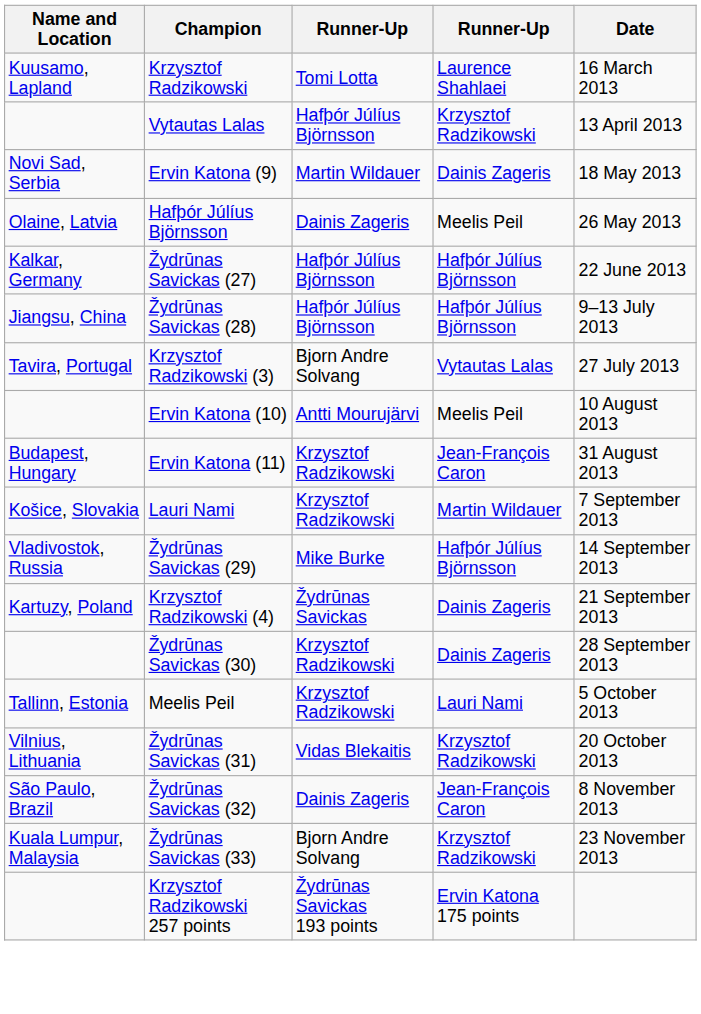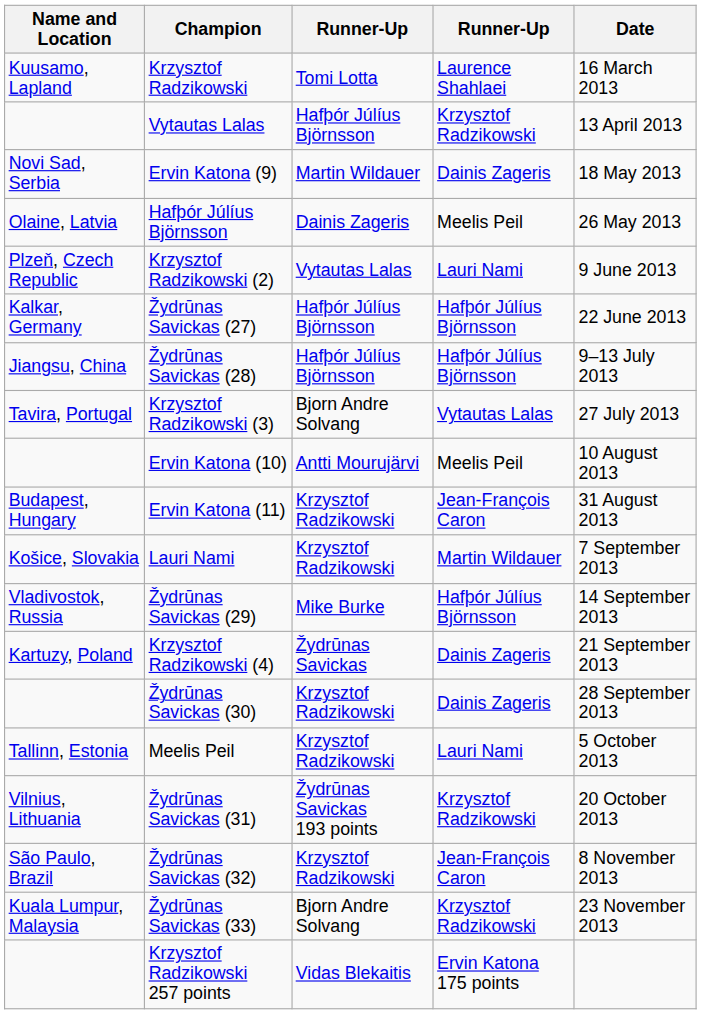 <table class="wikitable" style="display: inline-table;width: 100%;">
 <tr>
 <th scope="col">Name and Location</th>
 <th scope="col">Champion</th>
 <th scope="col">Runner-Up</th>
 <th scope="col">Runner-Up</th>
 <th scope="col">Date</th>
 </tr>
 <tr>
 <td> <a href='#'>Kuusamo</a>, <a href='#'>Lapland</a><br> </td>
 <td> <a href='#'>Krzysztof Radzikowski</a></td>
 <td> <a href='#'>Tomi Lotta</a></td>
 <td> <a href='#'>Laurence Shahlaei</a></td>
 <td>16 March 2013</td>
 </tr>
 <tr>
 <td> <br></td>
 <td> <a href='#'>Vytautas Lalas</a></td>
 <td> <a href='#'>Hafþór Júlíus Björnsson</a></td>
 <td> <a href='#'>Krzysztof Radzikowski</a></td>
 <td>13 April 2013</td>
 </tr>
 <tr>
 <td> <a href='#'>Novi Sad</a>, <a href='#'>Serbia</a><br> </td>
 <td> <a href='#'>Ervin Katona</a> (9)</td>
 <td> <a href='#'>Martin Wildauer</a></td>
 <td> <a href='#'>Dainis Zageris</a></td>
 <td>18 May 2013</td>
 </tr>
 <tr>
 <td> <a href='#'>Olaine</a>, <a href='#'>Latvia</a><br> </td>
 <td> <a href='#'>Hafþór Júlíus Björnsson</a></td>
 <td> <a href='#'>Dainis Zageris</a></td>
 <td> Meelis Peil</td>
 <td>26 May 2013</td>
+</tr>
+<tr>
+<td> <a href='#'>Plzeň</a>, <a href='#'>Czech Republic</a><br> </td>
+<td> <a href='#'>Krzysztof Radzikowski</a> (2)</td>
+<td> <a href='#'>Vytautas Lalas</a></td>
+<td> <a href='#'>Lauri Nami</a></td>
+<td>9 June 2013</td>
 </tr>
 <tr>
 <td> <a href='#'>Kalkar</a>, <a href='#'>Germany</a><br></td>
 <td> <a href='#'>Žydrūnas Savickas</a> (27)</td>
 <td> <a href='#'>Hafþór Júlíus Björnsson</a></td>
 <td> <a href='#'>Hafþór Júlíus Björnsson</a></td>
 <td>22 June 2013</td>
 </tr>
 <tr>
 <td> <a href='#'>Jiangsu</a>, <a href='#'>China</a><br></td>
 <td> <a href='#'>Žydrūnas Savickas</a> (28)</td>
 <td> <a href='#'>Hafþór Júlíus Björnsson</a></td>
 <td> <a href='#'>Hafþór Júlíus Björnsson</a></td>
 <td>9–13 July 2013</td>
 </tr>
 <tr>
 <td> <a href='#'>Tavira</a>, <a href='#'>Portugal</a><br> </td>
 <td> <a href='#'>Krzysztof Radzikowski</a> (3)</td>
 <td> Bjorn Andre Solvang</td>
 <td> <a href='#'>Vytautas Lalas</a></td>
 <td>27 July 2013</td>
 </tr>
 <tr>
 <td> <br></td>
 <td> <a href='#'>Ervin Katona</a> (10)</td>
 <td> <a href='#'>Antti Mourujärvi</a></td>
 <td> Meelis Peil</td>
 <td>10 August 2013</td>
 </tr>
 <tr>
 <td> <a href='#'>Budapest</a>, <a href='#'>Hungary</a><br> </td>
 <td> <a href='#'>Ervin Katona</a> (11)</td>
 <td> <a href='#'>Krzysztof Radzikowski</a></td>
 <td> <a href='#'>Jean-François Caron</a></td>
 <td>31 August 2013</td>
 </tr>
 <tr>
 <td> <a href='#'>Košice</a>, <a href='#'>Slovakia</a><br> </td>
 <td> <a href='#'>Lauri Nami</a></td>
 <td> <a href='#'>Krzysztof Radzikowski</a></td>
 <td> <a href='#'>Martin Wildauer</a></td>
 <td>7 September 2013</td>
 </tr>
 <tr>
 <td> <a href='#'>Vladivostok</a>, <a href='#'>Russia</a><br> </td>
 <td> <a href='#'>Žydrūnas Savickas</a> (29)</td>
 <td> <a href='#'>Mike Burke</a></td>
 <td> <a href='#'>Hafþór Júlíus Björnsson</a></td>
 <td>14 September 2013</td>
 </tr>
 <tr>
 <td> <a href='#'>Kartuzy</a>, <a href='#'>Poland</a><br> </td>
 <td> <a href='#'>Krzysztof Radzikowski</a> (4)</td>
 <td> <a href='#'>Žydrūnas Savickas</a></td>
 <td> <a href='#'>Dainis Zageris</a></td>
 <td>21 September 2013</td>
 </tr>
 <tr>
 <td><br> </td>
 <td> <a href='#'>Žydrūnas Savickas</a> (30)</td>
 <td> <a href='#'>Krzysztof Radzikowski</a></td>
 <td> <a href='#'>Dainis Zageris</a></td>
 <td>28 September 2013</td>
 </tr>
 <tr>
 <td> <a href='#'>Tallinn</a>, <a href='#'>Estonia</a><br> </td>
 <td> Meelis Peil</td>
 <td> <a href='#'>Krzysztof Radzikowski</a></td>
 <td> <a href='#'>Lauri Nami</a></td>
 <td>5 October 2013</td>
 </tr>
 <tr>
 <td> <a href='#'>Vilnius</a>, <a href='#'>Lithuania</a><br></td>
 <td> <a href='#'>Žydrūnas Savickas</a> (31)</td>
-<td> <a href='#'>Vidas Blekaitis</a></td>
+<td> <a href='#'>Žydrūnas Savickas</a><br> 193 points</td>
 <td> <a href='#'>Krzysztof Radzikowski</a></td>
 <td>20 October 2013</td>
 </tr>
 <tr>
 <td> <a href='#'>São Paulo</a>, <a href='#'>Brazil</a><br></td>
 <td> <a href='#'>Žydrūnas Savickas</a> (32)</td>
-<td> <a href='#'>Dainis Zageris</a></td>
+<td> <a href='#'>Krzysztof Radzikowski</a></td>
 <td> <a href='#'>Jean-François Caron</a></td>
 <td>8 November 2013</td>
 </tr>
 <tr>
 <td> <a href='#'>Kuala Lumpur</a>, <a href='#'>Malaysia</a><br></td>
 <td> <a href='#'>Žydrūnas Savickas</a> (33)</td>
 <td> Bjorn Andre Solvang</td>
 <td> <a href='#'>Krzysztof Radzikowski</a></td>
 <td>23 November 2013</td>
 </tr>
 <tr>
 <td></td>
 <td> <a href='#'>Krzysztof Radzikowski</a><br> 257 points</td>
-<td> <a href='#'>Žydrūnas Savickas</a><br> 193 points</td>
+<td> <a href='#'>Vidas Blekaitis</a></td>
 <td> <a href='#'>Ervin Katona</a><br> 175 points</td>
 <td></td>
 </tr>
 </table>
